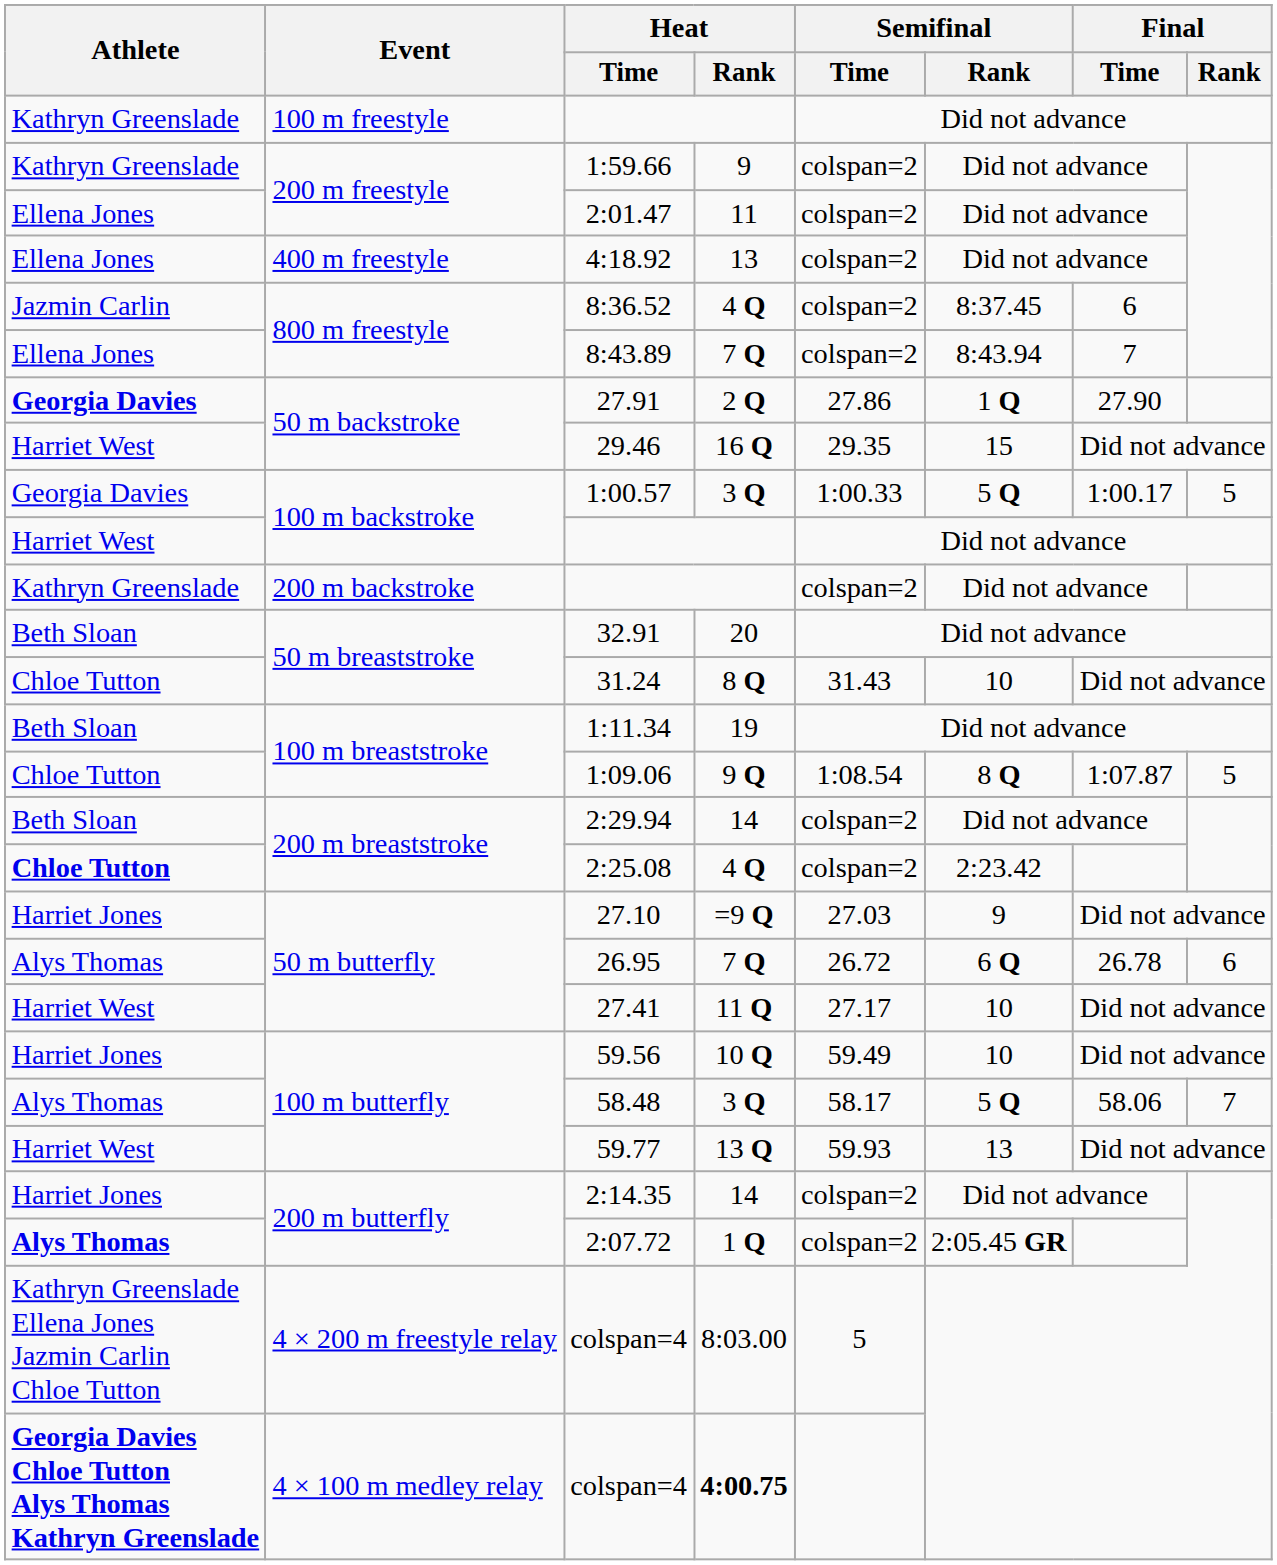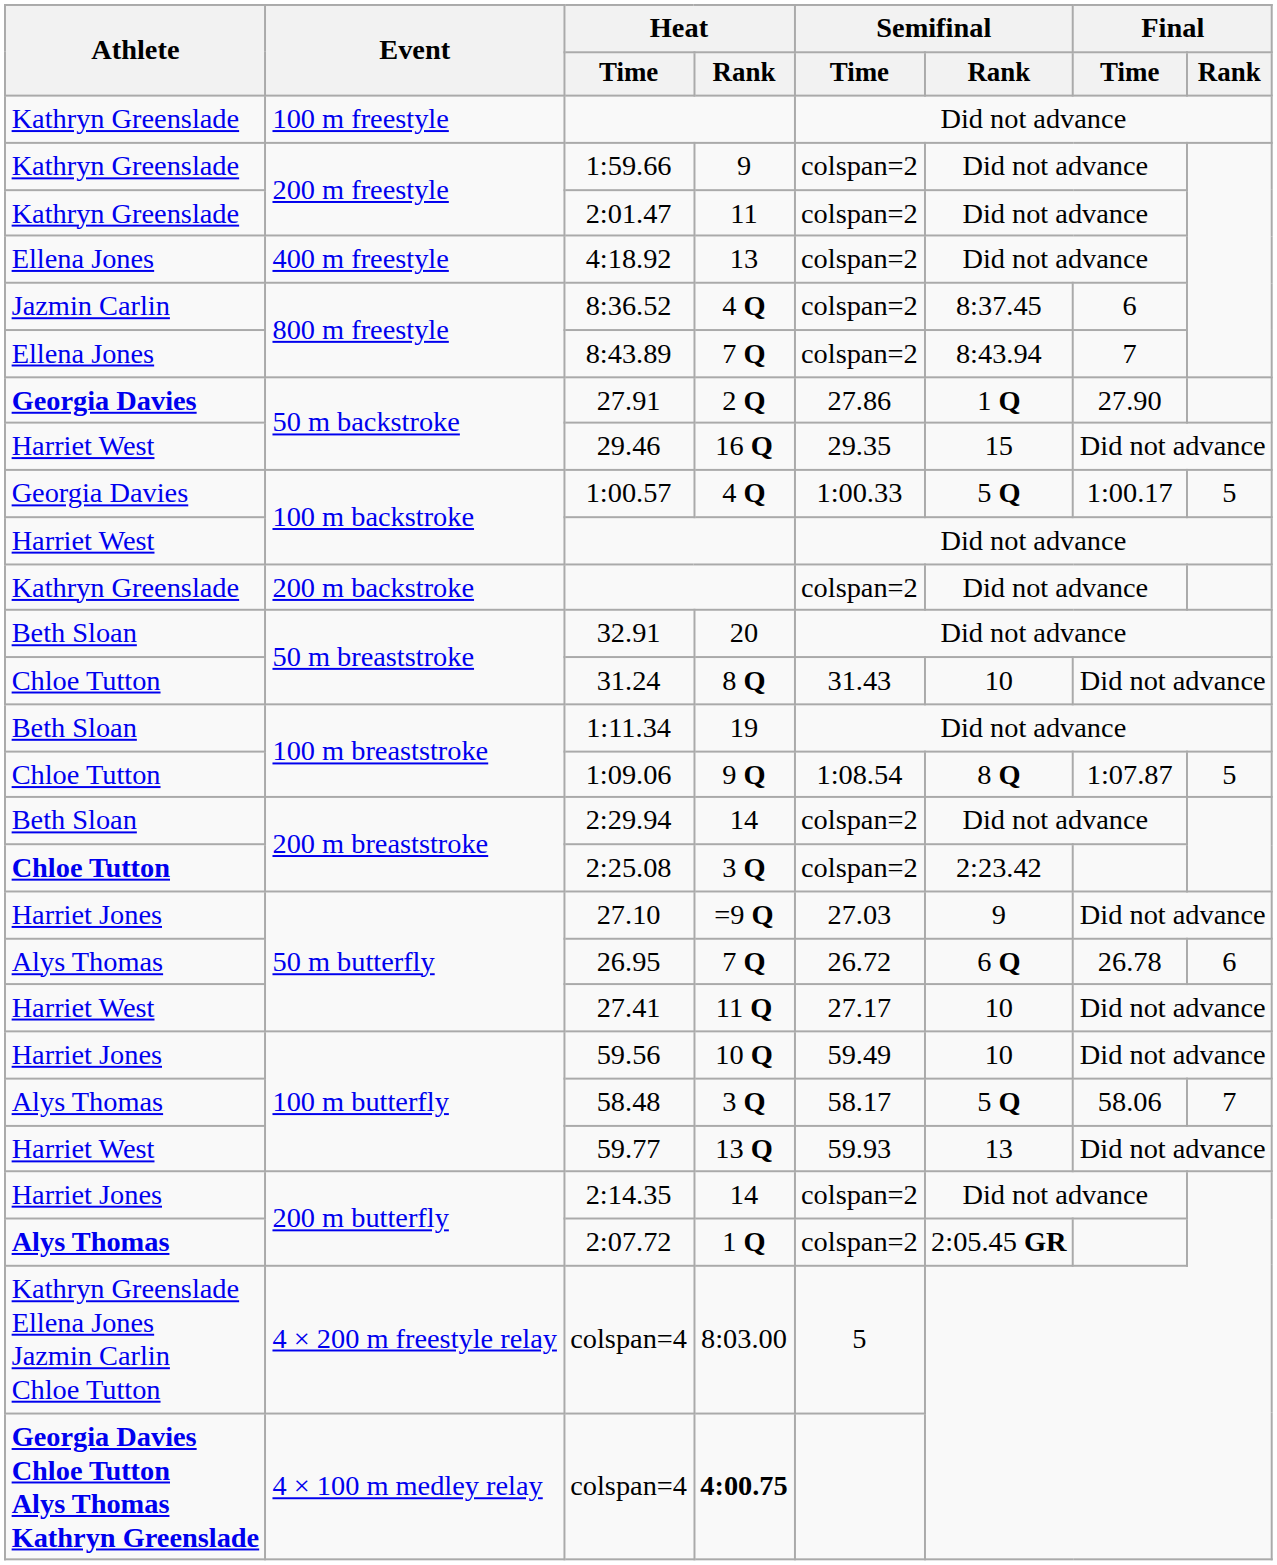 <table class=wikitable style=font-size:90%>
 <tr>
 <th rowspan=2>Athlete</th>
 <th rowspan=2>Event</th>
 <th colspan=2>Heat</th>
 <th colspan=2>Semifinal</th>
 <th colspan=2>Final</th>
 </tr>
 <tr style=font-size:95%>
 <th>Time</th>
 <th>Rank</th>
 <th>Time</th>
 <th>Rank</th>
 <th>Time</th>
 <th>Rank</th>
 </tr>
 <tr align=center>
 <td align=left><a href='#'>Kathryn Greenslade</a></td>
 <td align=left><a href='#'>100 m freestyle</a></td>
 <td colspan=2></td>
 <td colspan=4>Did not advance</td>
 </tr>
 <tr align=center>
 <td align=left><a href='#'>Kathryn Greenslade</a></td>
 <td align=left rowspan=2><a href='#'>200 m freestyle</a></td>
 <td>1:59.66</td>
 <td>9</td>
 <td>colspan=2 </td>
 <td colspan=2>Did not advance</td>
 </tr>
 <tr align=center>
-<td align=left><a href='#'>Ellena Jones</a></td>
+<td align=left><a href='#'>Kathryn Greenslade</a></td>
 <td>2:01.47</td>
 <td>11</td>
 <td>colspan=2 </td>
 <td colspan=2>Did not advance</td>
 </tr>
 <tr align=center>
 <td align=left><a href='#'>Ellena Jones</a></td>
 <td align=left><a href='#'>400 m freestyle</a></td>
 <td>4:18.92</td>
 <td>13</td>
 <td>colspan=2 </td>
 <td colspan=2>Did not advance</td>
 </tr>
 <tr align=center>
 <td align=left><a href='#'>Jazmin Carlin</a></td>
 <td align=left rowspan=2><a href='#'>800 m freestyle</a></td>
 <td>8:36.52</td>
 <td>4 <strong>Q</strong></td>
 <td>colspan=2 </td>
 <td>8:37.45</td>
 <td>6</td>
 </tr>
 <tr align=center>
 <td align=left><a href='#'>Ellena Jones</a></td>
 <td>8:43.89</td>
 <td>7 <strong>Q</strong></td>
 <td>colspan=2 </td>
 <td>8:43.94</td>
 <td>7</td>
 </tr>
 <tr align=center>
 <td align=left><strong><a href='#'>Georgia Davies</a></strong></td>
 <td align=left rowspan=2><a href='#'>50 m backstroke</a></td>
 <td>27.91</td>
 <td>2 <strong>Q</strong></td>
 <td>27.86</td>
 <td>1 <strong>Q</strong></td>
 <td>27.90</td>
 <td></td>
 </tr>
 <tr align=center>
 <td align=left><a href='#'>Harriet West</a></td>
 <td>29.46</td>
 <td>16 <strong>Q</strong></td>
 <td>29.35</td>
 <td>15</td>
 <td colspan=2>Did not advance</td>
 </tr>
 <tr align=center>
 <td align=left><a href='#'>Georgia Davies</a></td>
 <td align=left rowspan=2><a href='#'>100 m backstroke</a></td>
 <td>1:00.57</td>
-<td>3 <strong>Q</strong></td>
+<td>4 <strong>Q</strong></td>
 <td>1:00.33</td>
 <td>5 <strong>Q</strong></td>
 <td>1:00.17</td>
 <td>5</td>
 </tr>
 <tr align=center>
 <td align=left><a href='#'>Harriet West</a></td>
 <td colspan=2></td>
 <td colspan=4>Did not advance</td>
 </tr>
 <tr align=center>
 <td align=left><a href='#'>Kathryn Greenslade</a></td>
 <td align=left><a href='#'>200 m backstroke</a></td>
 <td colspan=2></td>
 <td>colspan=2 </td>
 <td colspan=2>Did not advance</td>
 </tr>
 <tr align=center>
 <td align=left><a href='#'>Beth Sloan</a></td>
 <td align=left rowspan=2><a href='#'>50 m breaststroke</a></td>
 <td>32.91</td>
 <td>20</td>
 <td colspan=4>Did not advance</td>
 </tr>
 <tr align=center>
 <td align=left><a href='#'>Chloe Tutton</a></td>
 <td>31.24</td>
 <td>8 <strong>Q</strong></td>
 <td>31.43</td>
 <td>10</td>
 <td colspan=2>Did not advance</td>
 </tr>
 <tr align=center>
 <td align=left><a href='#'>Beth Sloan</a></td>
 <td align=left rowspan=2><a href='#'>100 m breaststroke</a></td>
 <td>1:11.34</td>
 <td>19</td>
 <td colspan=4>Did not advance</td>
 </tr>
 <tr align=center>
 <td align=left><a href='#'>Chloe Tutton</a></td>
 <td>1:09.06</td>
 <td>9 <strong>Q</strong></td>
 <td>1:08.54</td>
 <td>8 <strong>Q</strong></td>
 <td>1:07.87</td>
 <td>5</td>
 </tr>
 <tr align=center>
 <td align=left><a href='#'>Beth Sloan</a></td>
 <td align=left rowspan=2><a href='#'>200 m breaststroke</a></td>
 <td>2:29.94</td>
 <td>14</td>
 <td>colspan=2 </td>
 <td colspan=2>Did not advance</td>
 </tr>
 <tr align=center>
 <td align=left><strong><a href='#'>Chloe Tutton</a></strong></td>
 <td>2:25.08</td>
-<td>4 <strong>Q</strong></td>
+<td>3 <strong>Q</strong></td>
 <td>colspan=2 </td>
 <td>2:23.42</td>
 <td></td>
 </tr>
 <tr align=center>
 <td align=left><a href='#'>Harriet Jones</a></td>
 <td align=left rowspan=3><a href='#'>50 m butterfly</a></td>
 <td>27.10</td>
 <td>=9 <strong>Q</strong></td>
 <td>27.03</td>
 <td>9</td>
 <td colspan=2>Did not advance</td>
 </tr>
 <tr align=center>
 <td align=left><a href='#'>Alys Thomas</a></td>
 <td>26.95</td>
 <td>7 <strong>Q</strong></td>
 <td>26.72</td>
 <td>6 <strong>Q</strong></td>
 <td>26.78</td>
 <td>6</td>
 </tr>
 <tr align=center>
 <td align=left><a href='#'>Harriet West</a></td>
 <td>27.41</td>
 <td>11 <strong>Q</strong></td>
 <td>27.17</td>
 <td>10</td>
 <td colspan=2>Did not advance</td>
 </tr>
 <tr align=center>
 <td align=left><a href='#'>Harriet Jones</a></td>
 <td align=left rowspan=3><a href='#'>100 m butterfly</a></td>
 <td>59.56</td>
 <td>10 <strong>Q</strong></td>
 <td>59.49</td>
 <td>10</td>
 <td colspan=2>Did not advance</td>
 </tr>
 <tr align=center>
 <td align=left><a href='#'>Alys Thomas</a></td>
 <td>58.48</td>
 <td>3 <strong>Q</strong></td>
 <td>58.17</td>
 <td>5 <strong>Q</strong></td>
 <td>58.06</td>
 <td>7</td>
 </tr>
 <tr align=center>
 <td align=left><a href='#'>Harriet West</a></td>
 <td>59.77</td>
 <td>13 <strong>Q</strong></td>
 <td>59.93</td>
 <td>13</td>
 <td colspan=2>Did not advance</td>
 </tr>
 <tr align=center>
 <td align=left><a href='#'>Harriet Jones</a></td>
 <td align=left rowspan=2><a href='#'>200 m butterfly</a></td>
 <td>2:14.35</td>
 <td>14</td>
 <td>colspan=2 </td>
 <td colspan=2>Did not advance</td>
 </tr>
 <tr align=center>
 <td align=left><strong><a href='#'>Alys Thomas</a></strong></td>
 <td>2:07.72</td>
 <td>1 <strong>Q</strong></td>
 <td>colspan=2 </td>
 <td>2:05.45 <strong>GR</strong></td>
 <td></td>
 </tr>
 <tr align=center>
 <td align=left><a href='#'>Kathryn Greenslade</a><br><a href='#'>Ellena Jones</a><br><a href='#'>Jazmin Carlin</a><br><a href='#'>Chloe Tutton</a></td>
 <td align=left><a href='#'>4 × 200 m freestyle relay</a></td>
 <td>colspan=4 </td>
 <td>8:03.00</td>
 <td>5</td>
 </tr>
 <tr align=center>
 <td align=left><strong><a href='#'>Georgia Davies</a><br><a href='#'>Chloe Tutton</a><br><a href='#'>Alys Thomas</a><br><a href='#'>Kathryn Greenslade</a></strong></td>
 <td align=left><a href='#'>4 × 100 m medley relay</a></td>
 <td>colspan=4 </td>
 <td><strong>4:00.75</strong></td>
 <td></td>
 </tr>
 </table>
